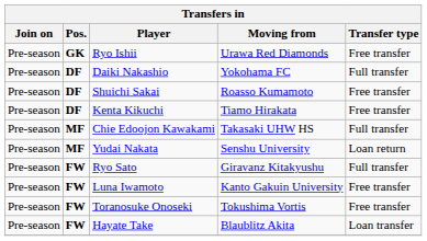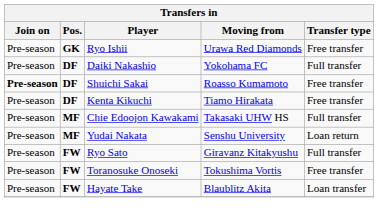 <table class="wikitable sortable" style=“text-align:left;>
 <tr>
 <th colspan="5">Transfers in</th>
 </tr>
 <tr>
 <th>Join on</th>
 <th>Pos.</th>
 <th>Player</th>
 <th>Moving from</th>
 <th>Transfer type</th>
 </tr>
 <tr>
 <td>Pre-season</td>
 <td><strong>GK</strong></td>
 <td> <a href='#'>Ryo Ishii</a></td>
 <td> <a href='#'>Urawa Red Diamonds</a></td>
 <td>Free transfer</td>
 </tr>
 <tr>
 <td>Pre-season</td>
 <td><strong>DF</strong></td>
 <td> <a href='#'>Daiki Nakashio</a></td>
 <td> <a href='#'>Yokohama FC</a></td>
 <td>Full transfer</td>
 </tr>
 <tr>
-<td>Pre-season</td>
+<td><strong>Pre-season</strong></td>
 <td><strong>DF</strong></td>
 <td> <a href='#'>Shuichi Sakai</a></td>
 <td> <a href='#'>Roasso Kumamoto</a></td>
 <td>Free transfer</td>
 </tr>
 <tr>
 <td>Pre-season</td>
 <td><strong>DF</strong></td>
 <td> <a href='#'>Kenta Kikuchi</a></td>
 <td> <a href='#'>Tiamo Hirakata</a></td>
 <td>Free transfer</td>
 </tr>
 <tr>
 <td>Pre-season</td>
 <td><strong>MF</strong></td>
 <td> <a href='#'>Chie Edoojon Kawakami</a></td>
 <td> <a href='#'>Takasaki UHW</a> HS</td>
 <td>Full transfer</td>
 </tr>
 <tr>
 <td>Pre-season</td>
 <td><strong>MF</strong></td>
 <td> <a href='#'>Yudai Nakata</a></td>
 <td> <a href='#'>Senshu University</a></td>
 <td>Loan return</td>
 </tr>
 <tr>
 <td>Pre-season</td>
 <td><strong>FW</strong></td>
 <td> <a href='#'>Ryo Sato</a></td>
 <td> <a href='#'>Giravanz Kitakyushu</a></td>
 <td>Full transfer</td>
 </tr>
 <tr>
 <td>Pre-season</td>
 <td><strong>FW</strong></td>
-<td> <a href='#'>Luna Iwamoto</a></td>
-<td> <a href='#'>Kanto Gakuin University</a></td>
-<td>Free transfer</td>
-</tr>
-<tr>
-<td>Pre-season</td>
-<td><strong>FW</strong></td>
 <td> <a href='#'>Toranosuke Onoseki</a></td>
 <td> <a href='#'>Tokushima Vortis</a></td>
 <td>Free transfer</td>
 </tr>
 <tr>
 <td>Pre-season</td>
 <td><strong>FW</strong></td>
 <td> <a href='#'>Hayate Take</a></td>
 <td> <a href='#'>Blaublitz Akita</a></td>
 <td>Loan transfer</td>
 </tr>
 <tr>
 </tr>
 </table>
